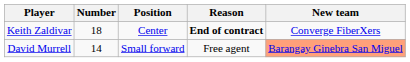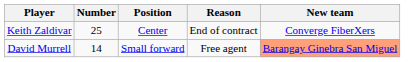 <table class="wikitable sortable sortable">
 <tr>
 <th>Player</th>
 <th>Number</th>
 <th>Position</th>
 <th>Reason</th>
 <th>New team</th>
 </tr>
 <tr style="text-align: center">
 <td><a href='#'>Keith Zaldivar</a></td>
-<td>18</td>
+<td>25</td>
 <td><a href='#'>Center</a></td>
-<td><strong>End of contract</strong></td>
+<td>End of contract</td>
 <td><a href='#'>Converge FiberXers</a></td>
 </tr>
 <tr style="text-align: center">
 <td><a href='#'>David Murrell</a></td>
 <td>14</td>
 <td><a href='#'>Small forward</a></td>
 <td>Free agent</td>
 <td style="background: lightsalmon;"><a href='#'>Barangay Ginebra San Miguel</a></td>
 </tr>
 </table>
